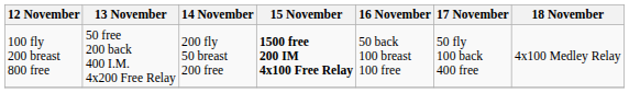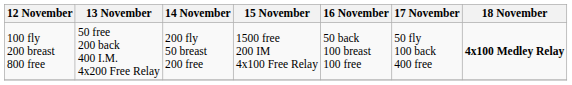 <table class="wikitable">
 <tr>
 <th>12 November</th>
 <th>13 November</th>
 <th>14 November</th>
 <th>15 November</th>
 <th>16 November</th>
 <th>17 November</th>
 <th>18 November</th>
 </tr>
 <tr>
 <td>100 fly <br> 200 breast <br> 800 free</td>
 <td>50 free <br> 200 back <br> 400 I.M. <br> 4x200 Free Relay</td>
 <td>200 fly <br> 50 breast <br> 200 free <br></td>
-<td><strong>1500 free <br> 200 IM <br> 4x100 Free Relay</strong></td>
+<td>1500 free <br> 200 IM <br> 4x100 Free Relay</td>
 <td>50 back <br> 100 breast <br> 100 free</td>
 <td>50 fly <br> 100 back <br> 400 free</td>
-<td>4x100 Medley Relay</td>
+<td><strong>4x100 Medley Relay</strong></td>
 </tr>
 <tr>
 </tr>
 </table>
